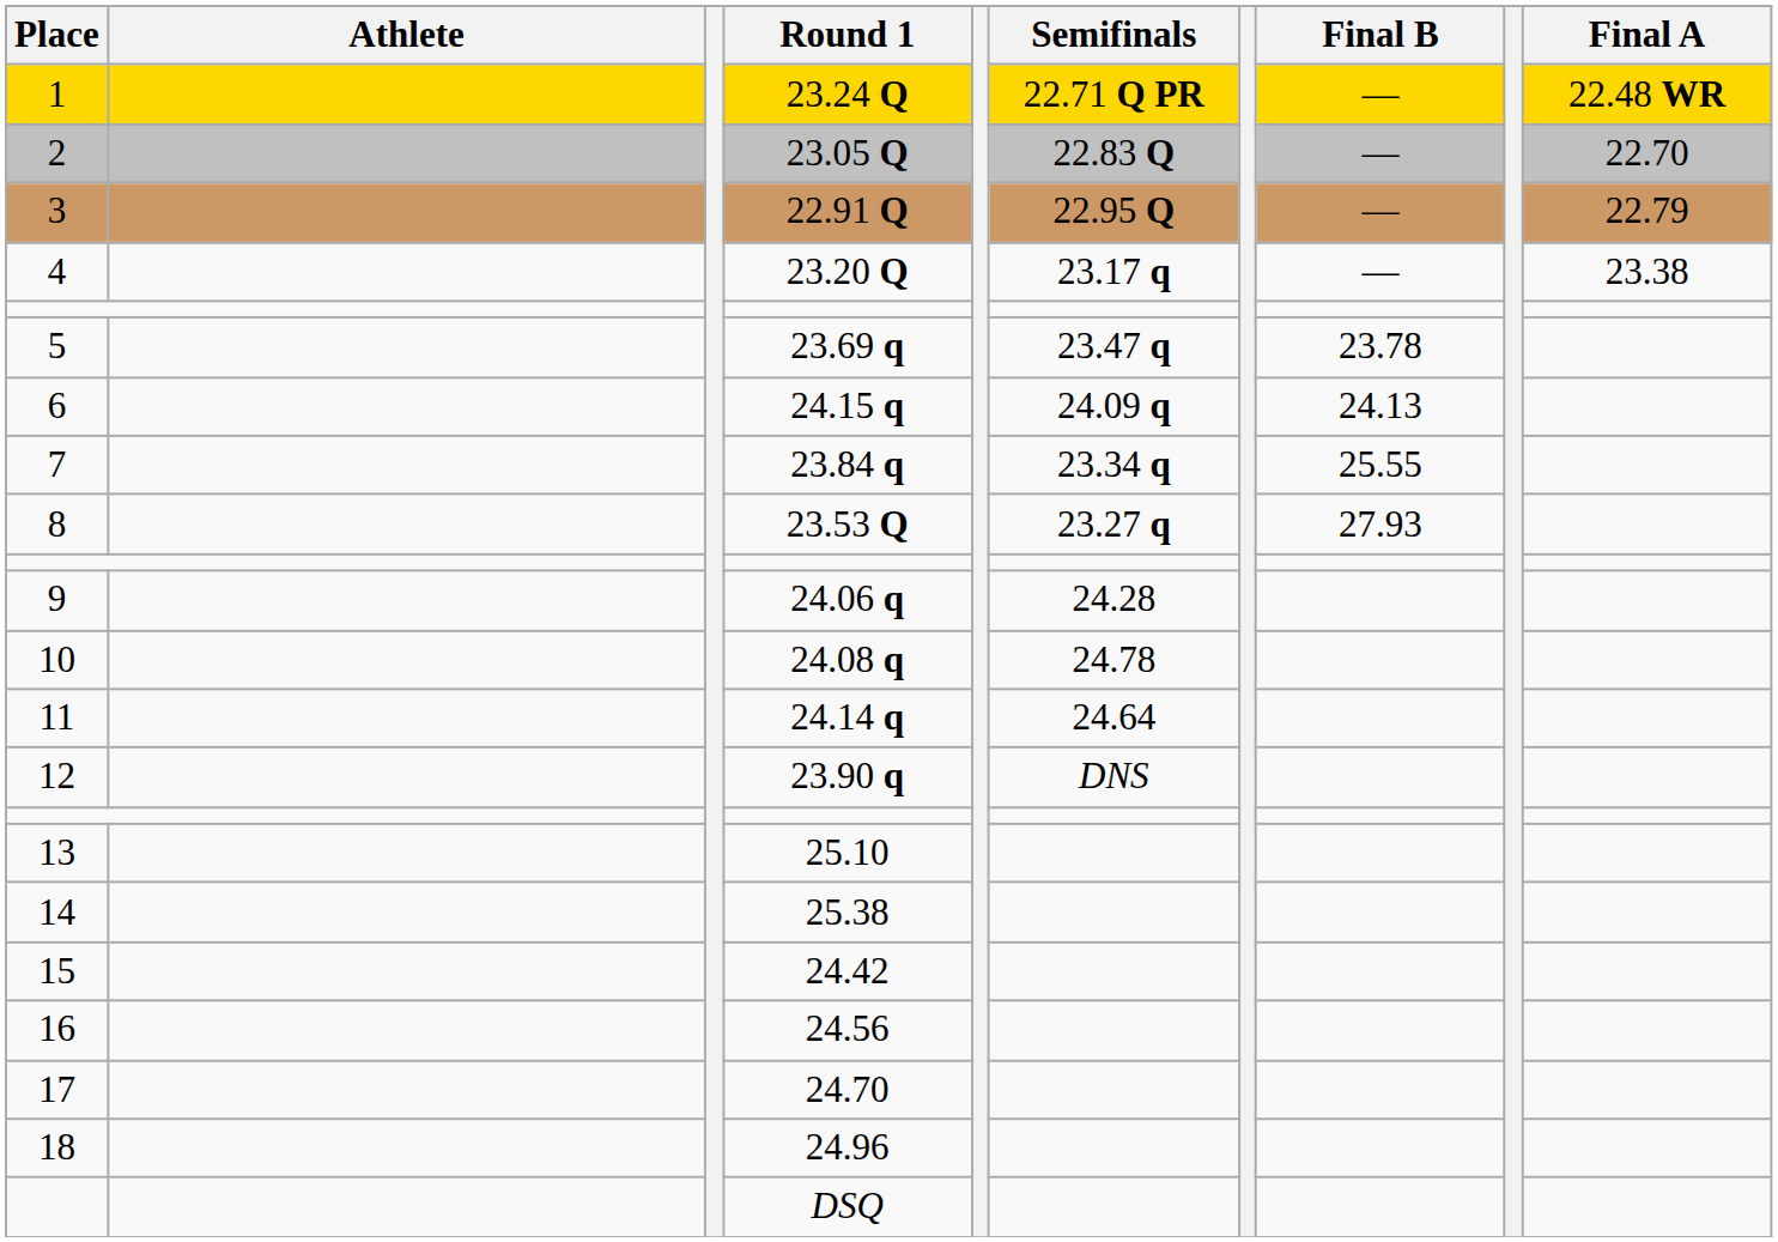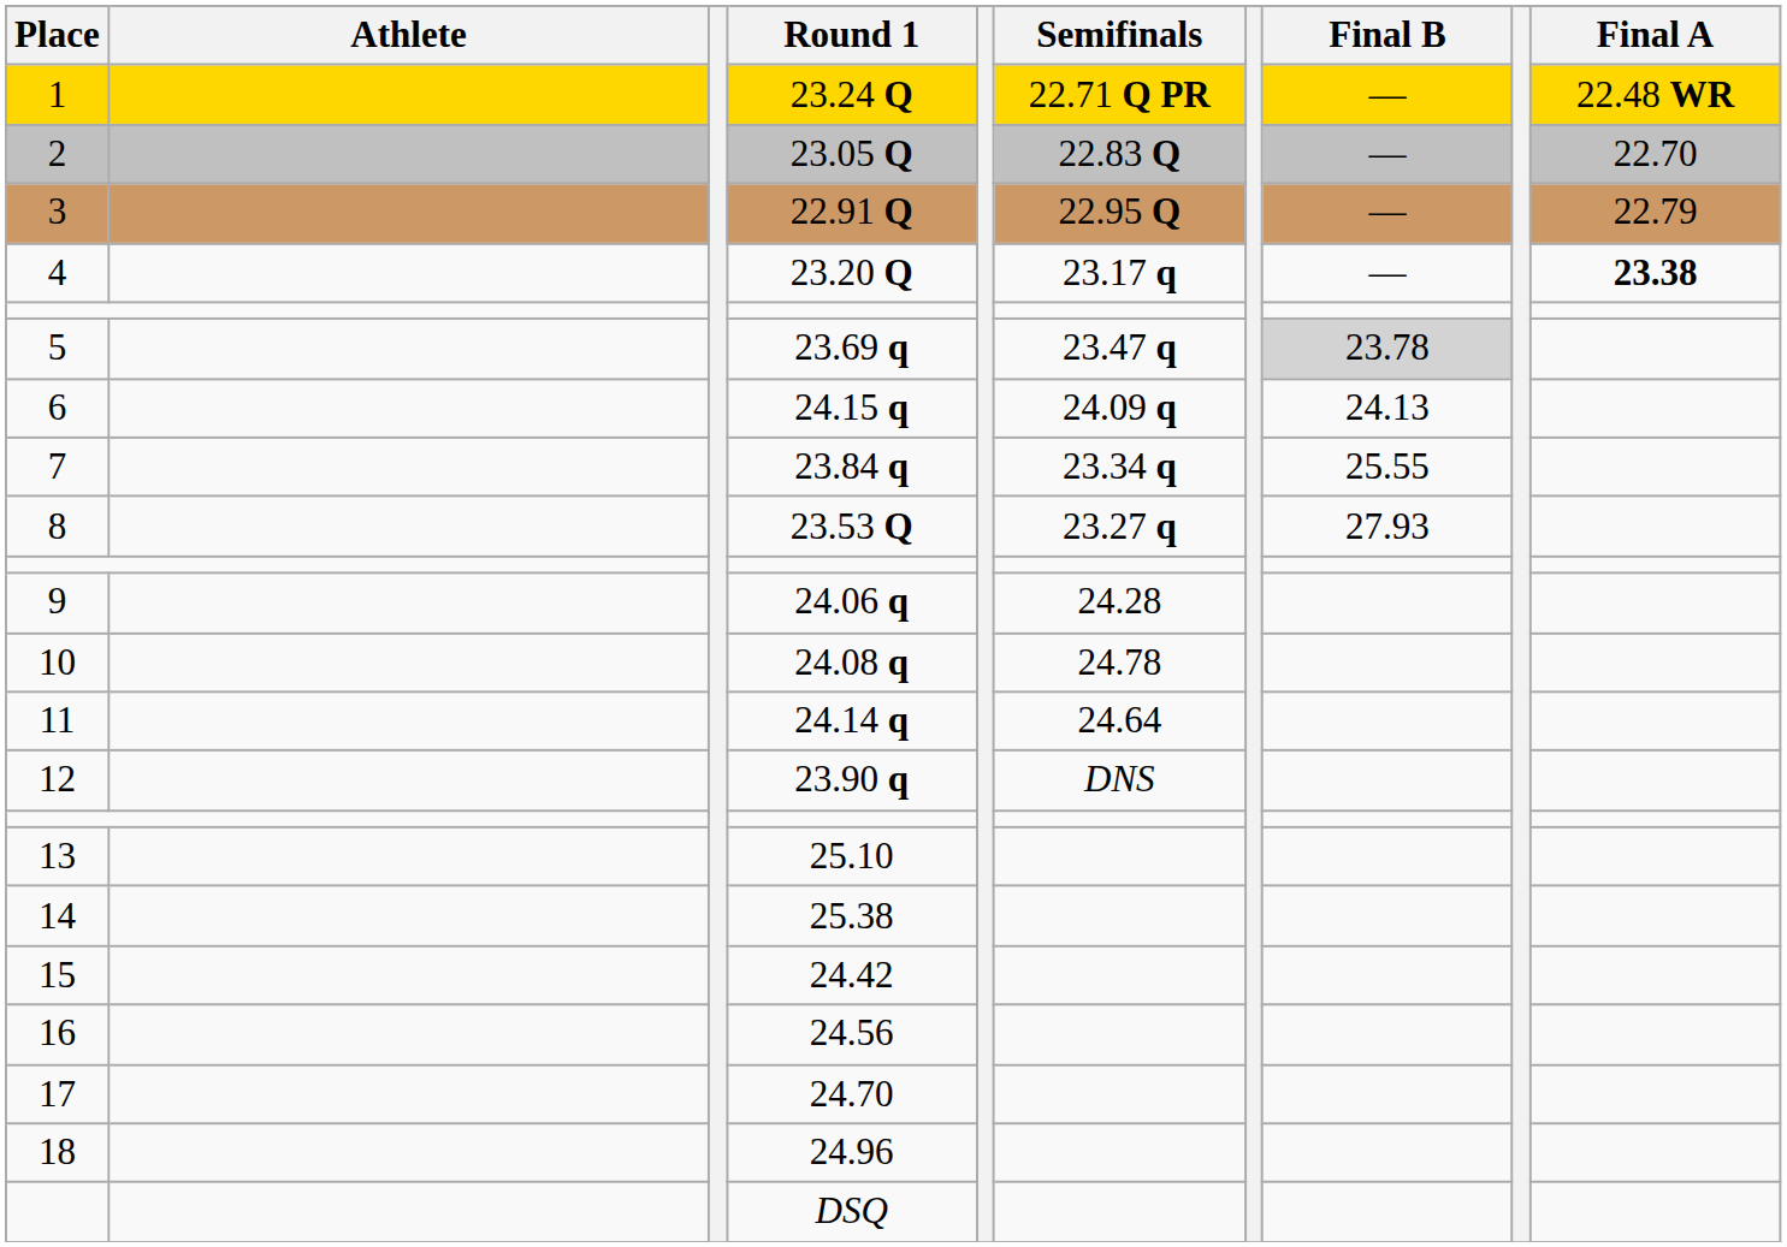 <table class="wikitable" style="text-align:center">
 <tr>
 <th>Place</th>
 <th width=250>Athlete</th>
 <th rowspan=31></th>
 <th width=100>Round 1</th>
 <th rowspan=31></th>
 <th width=100>Semifinals</th>
 <th rowspan=31></th>
 <th width=100>Final B</th>
 <th rowspan=31></th>
 <th width=100>Final A</th>
 </tr>
 <tr bgcolor=gold>
 <td>1</td>
 <td align=left></td>
 <td>23.24 <strong>Q</strong></td>
 <td>22.71 <strong>Q PR</strong></td>
 <td>—</td>
 <td>22.48 <strong>WR</strong></td>
 </tr>
 <tr bgcolor=silver>
 <td>2</td>
 <td align=left></td>
 <td>23.05 <strong>Q</strong></td>
 <td>22.83 <strong>Q</strong></td>
 <td>—</td>
 <td>22.70</td>
 </tr>
 <tr bgcolor=cc9966>
 <td>3</td>
 <td align=left></td>
 <td>22.91 <strong>Q</strong></td>
 <td>22.95 <strong>Q</strong></td>
 <td>—</td>
 <td>22.79</td>
 </tr>
 <tr>
 <td>4</td>
 <td align=left></td>
 <td>23.20 <strong>Q</strong></td>
 <td>23.17 <strong>q</strong></td>
 <td>—</td>
-<td>23.38</td>
+<td><strong>23.38</strong></td>
 </tr>
 <tr>
 <td colspan=10></td>
 </tr>
 <tr>
 <td>5</td>
 <td align=left></td>
 <td>23.69 <strong>q</strong></td>
 <td>23.47 <strong>q</strong></td>
-<td>23.78</td>
+<td style="background: lightgrey;">23.78</td>
 <td></td>
 </tr>
 <tr>
 <td>6</td>
 <td align=left></td>
 <td>24.15 <strong>q</strong></td>
 <td>24.09 <strong>q</strong></td>
 <td>24.13</td>
 <td></td>
 </tr>
 <tr>
 <td>7</td>
 <td align=left></td>
 <td>23.84 <strong>q</strong></td>
 <td>23.34 <strong>q</strong></td>
 <td>25.55</td>
 <td></td>
 </tr>
 <tr>
 <td>8</td>
 <td align=left></td>
 <td>23.53 <strong>Q</strong></td>
 <td>23.27 <strong>q</strong></td>
 <td>27.93</td>
 <td></td>
 </tr>
 <tr>
 <td colspan=10></td>
 </tr>
 <tr>
 <td>9</td>
 <td align=left></td>
 <td>24.06 <strong>q</strong></td>
 <td>24.28</td>
 <td></td>
 <td></td>
 </tr>
 <tr>
 <td>10</td>
 <td align=left></td>
 <td>24.08 <strong>q</strong></td>
 <td>24.78</td>
 <td></td>
 <td></td>
 </tr>
 <tr>
 <td>11</td>
 <td align=left></td>
 <td>24.14 <strong>q</strong></td>
 <td>24.64</td>
 <td></td>
 <td></td>
 </tr>
 <tr>
 <td>12</td>
 <td align=left></td>
 <td>23.90 <strong>q</strong></td>
 <td><em>DNS</em></td>
 <td></td>
 <td></td>
 </tr>
 <tr>
 <td colspan=10></td>
 </tr>
 <tr>
 <td>13</td>
 <td align=left></td>
 <td>25.10</td>
 <td></td>
 <td></td>
 <td></td>
 </tr>
 <tr>
 <td>14</td>
 <td align=left></td>
 <td>25.38</td>
 <td></td>
 <td></td>
 <td></td>
 </tr>
 <tr>
 <td>15</td>
 <td align=left></td>
 <td>24.42</td>
 <td></td>
 <td></td>
 <td></td>
 </tr>
 <tr>
 <td>16</td>
 <td align=left></td>
 <td>24.56</td>
 <td></td>
 <td></td>
 <td></td>
 </tr>
 <tr>
 <td>17</td>
 <td align=left></td>
 <td>24.70</td>
 <td></td>
 <td></td>
 <td></td>
 </tr>
 <tr>
 <td>18</td>
 <td align=left></td>
 <td>24.96</td>
 <td></td>
 <td></td>
 <td></td>
 </tr>
 <tr>
 <td></td>
 <td align=left></td>
 <td><em>DSQ</em></td>
 <td></td>
 <td></td>
 <td></td>
 </tr>
 <tr>
 </tr>
 </table>
